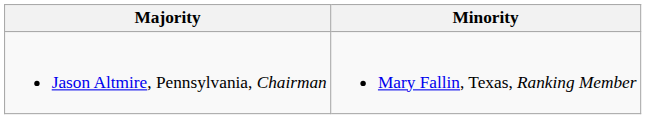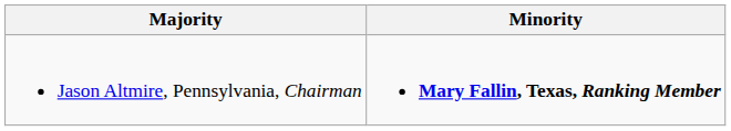 <table class=wikitable>
 <tr>
 <th>Majority</th>
 <th>Minority</th>
 </tr>
 <tr>
 <td><br><ul><li><a href='#'>Jason Altmire</a>, Pennsylvania, <em>Chairman</em></li></ul></td>
-<td><br><ul><li><a href='#'>Mary Fallin</a>, Texas, <em>Ranking Member</em></li></ul></td>
+<td><strong><br><ul><li><a href='#'>Mary Fallin</a>, Texas, <em>Ranking Member</em></li></ul></strong></td>
 </tr>
 </table>
